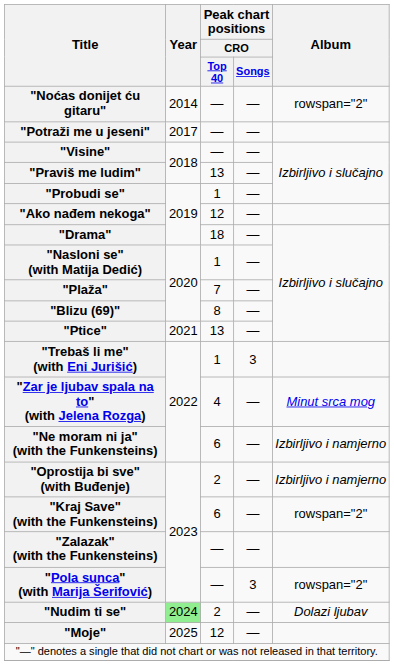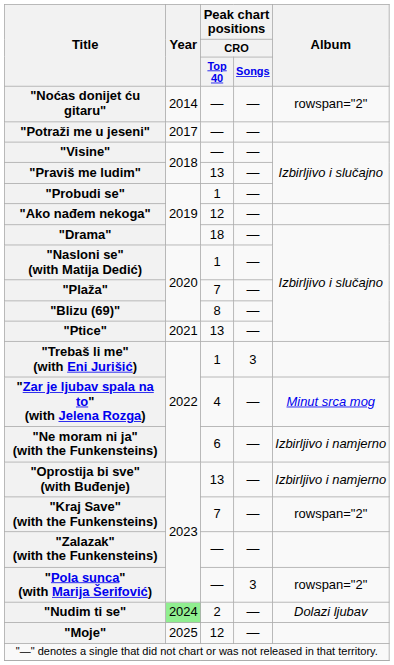 <table class="wikitable plainrowheaders" style="text-align:center;">
 <tr>
 <th rowspan="3" scope="col" style="width:12em;">Title</th>
 <th rowspan="3" scope="col">Year</th>
 <th colspan="2" scope="col">Peak chart positions</th>
 <th rowspan="3" scope="col">Album</th>
 </tr>
 <tr>
 <th colspan="2" style="width:2.5em; font-size:85%">CRO</th>
 </tr>
 <tr>
 <th style="width:2.5em; font-size:85%"><a href='#'>Top 40</a><br></th>
 <th style="width:2.5em; font-size:85%"><a href='#'>Songs</a><br></th>
 </tr>
 <tr>
 <th scope="row">"Noćas donijet ću gitaru"</th>
 <td rowspan="1">2014</td>
 <td>—</td>
 <td>—</td>
 <td>rowspan="2" </td>
 </tr>
 <tr>
 <th scope="row">"Potraži me u jeseni"</th>
 <td rowspan="1">2017</td>
 <td>—</td>
 <td>—</td>
 </tr>
 <tr>
 <th scope="row">"Visine"</th>
 <td rowspan="2">2018</td>
 <td>—</td>
 <td>—</td>
 <td rowspan="3"><em>Izbirljivo i slučajno</em></td>
 </tr>
 <tr>
 <th scope="row">"Praviš me ludim"</th>
 <td>13</td>
 <td>—</td>
 </tr>
 <tr>
 <th scope="row">"Probudi se"</th>
 <td rowspan="3">2019</td>
 <td>1</td>
 <td>—</td>
 </tr>
 <tr>
 <th scope="row">"Ako nađem nekoga"</th>
 <td>12</td>
 <td>—</td>
 <td></td>
 </tr>
 <tr>
 <th scope="row">"Drama"</th>
 <td>18</td>
 <td>—</td>
 <td rowspan="5"><em>Izbirljivo i slučajno</em></td>
 </tr>
 <tr>
 <th scope="row">"Nasloni se"<br><span>(with Matija Dedić)</span></th>
 <td rowspan="3">2020</td>
 <td>1</td>
 <td>—</td>
 </tr>
 <tr>
 <th scope="row">"Plaža"</th>
 <td>7</td>
 <td>—</td>
 </tr>
 <tr>
 <th scope="row">"Blizu (69)"</th>
 <td>8</td>
 <td>—</td>
 </tr>
 <tr>
 <th scope="row">"Ptice"</th>
 <td rowspan="1">2021</td>
 <td>13</td>
 <td>—</td>
 </tr>
 <tr>
 <th scope="row">"Trebaš li me"<br><span>(with <a href='#'>Eni Jurišić</a>)</span></th>
 <td rowspan="3">2022</td>
 <td>1</td>
 <td>3</td>
 <td></td>
 </tr>
 <tr>
 <th scope="row">"<a href='#'>Zar je ljubav spala na to</a>"<br><span>(with <a href='#'>Jelena Rozga</a>)</span></th>
 <td>4</td>
 <td>—</td>
 <td><em><a href='#'>Minut srca mog</a></em></td>
 </tr>
 <tr>
 <th scope="row">"Ne moram ni ja"<br><span>(with the Funkensteins)</span></th>
 <td>6</td>
 <td>—</td>
 <td><em>Izbirljivo i namjerno</em></td>
 </tr>
 <tr>
 <th scope="row">"Oprostija bi sve"<br><span>(with Buđenje)</span></th>
 <td rowspan="4">2023</td>
-<td>2</td>
+<td>13</td>
 <td>—</td>
 <td><em>Izbirljivo i namjerno</em></td>
 </tr>
 <tr>
 <th scope="row">"Kraj Save"<br><span>(with the Funkensteins)</span></th>
-<td>6</td>
+<td>7</td>
 <td>—</td>
 <td>rowspan="2" </td>
 </tr>
 <tr>
 <th scope="row">"Zalazak"<br><span>(with the Funkensteins)</span></th>
 <td>—</td>
 <td>—</td>
 </tr>
 <tr>
 <th scope="row">"<a href='#'>Pola sunca</a>"<br><span>(with <a href='#'>Marija Šerifović</a>)</span></th>
 <td>—</td>
 <td>3</td>
 <td>rowspan="2" </td>
 </tr>
 <tr>
 <th scope="row">"Nudim ti se"</th>
 <td style="background: lightgreen;">2024</td>
 <td>2</td>
 <td>—</td>
 <td><em>Dolazi ljubav</em></td>
 </tr>
 <tr>
 <th scope="row">"Moje"</th>
 <td>2025</td>
 <td>12</td>
 <td>—</td>
 </tr>
 <tr>
 <td colspan="20" style="text-align:center; font-size:85%;">"—" denotes a single that did not chart or was not released in that territory.</td>
 </tr>
 <tr>
 </tr>
 </table>
